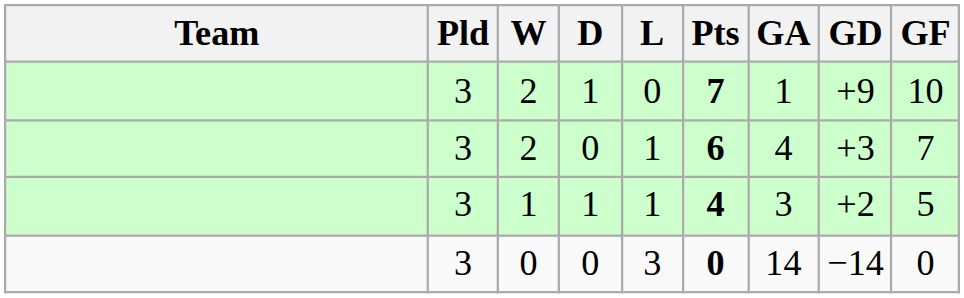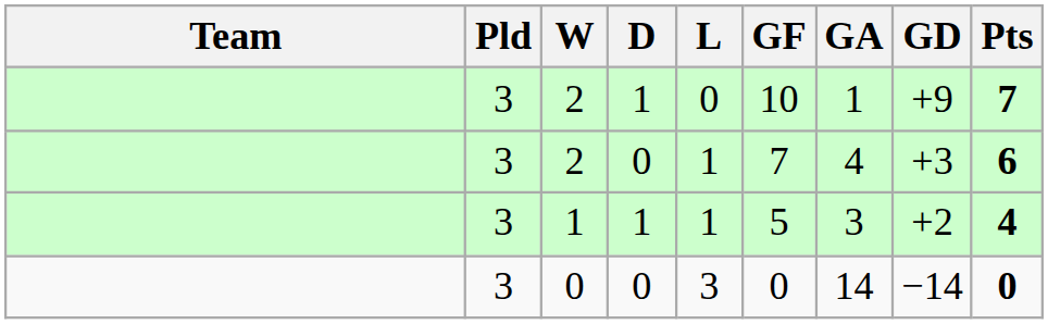 <table class="wikitable" style="text-align:center;">
 <tr>
 <th width=180>Team</th>
 <th width=20>Pld</th>
 <th width=20>W</th>
 <th width=20>D</th>
 <th width=20>L</th>
-<th width=20>Pts</th>
+<th width=20>GF</th>
 <th width=20>GA</th>
 <th width=20>GD</th>
-<th width=20>GF</th>
+<th width=20>Pts</th>
 </tr>
 <tr bgcolor=ccffcc>
 <td align="left"></td>
 <td>3</td>
 <td>2</td>
 <td>1</td>
 <td>0</td>
-<td><strong>7</strong></td>
+<td>10</td>
 <td>1</td>
 <td>+9</td>
-<td>10</td>
+<td><strong>7</strong></td>
 </tr>
 <tr bgcolor=ccffcc>
 <td align="left"><em></em></td>
 <td>3</td>
 <td>2</td>
 <td>0</td>
 <td>1</td>
-<td><strong>6</strong></td>
+<td>7</td>
 <td>4</td>
 <td>+3</td>
-<td>7</td>
+<td><strong>6</strong></td>
 </tr>
 <tr bgcolor=ccffcc>
 <td align="left"></td>
 <td>3</td>
 <td>1</td>
 <td>1</td>
 <td>1</td>
-<td><strong>4</strong></td>
+<td>5</td>
 <td>3</td>
 <td>+2</td>
-<td>5</td>
+<td><strong>4</strong></td>
 </tr>
 <tr>
 <td align="left"></td>
 <td>3</td>
 <td>0</td>
 <td>0</td>
 <td>3</td>
-<td><strong>0</strong></td>
+<td>0</td>
 <td>14</td>
 <td>−14</td>
-<td>0</td>
+<td><strong>0</strong></td>
 </tr>
 </table>
